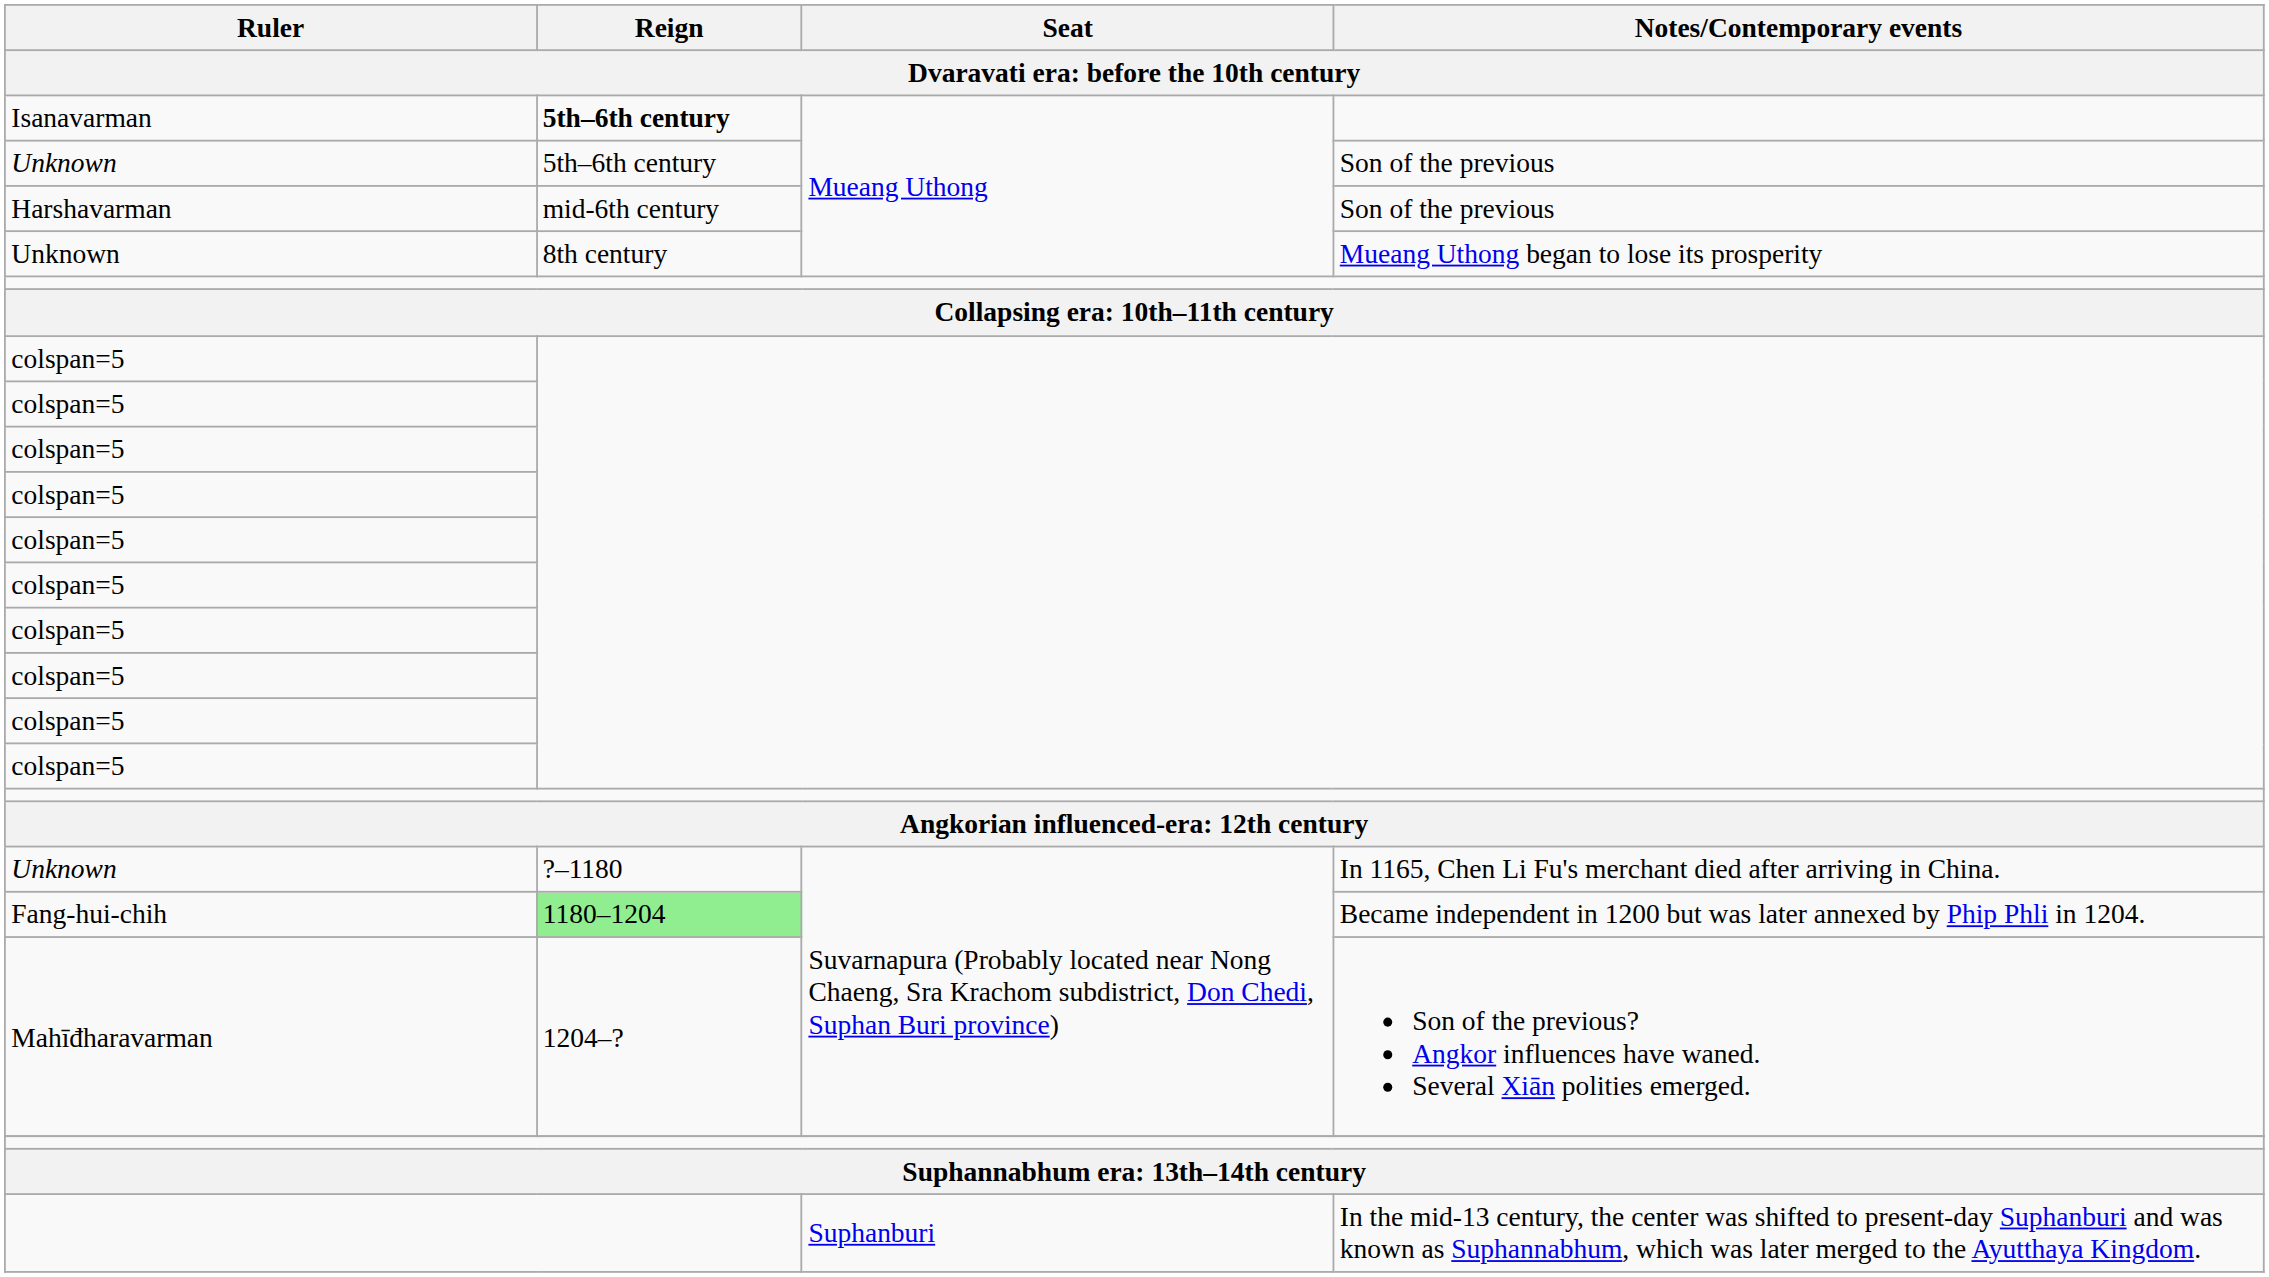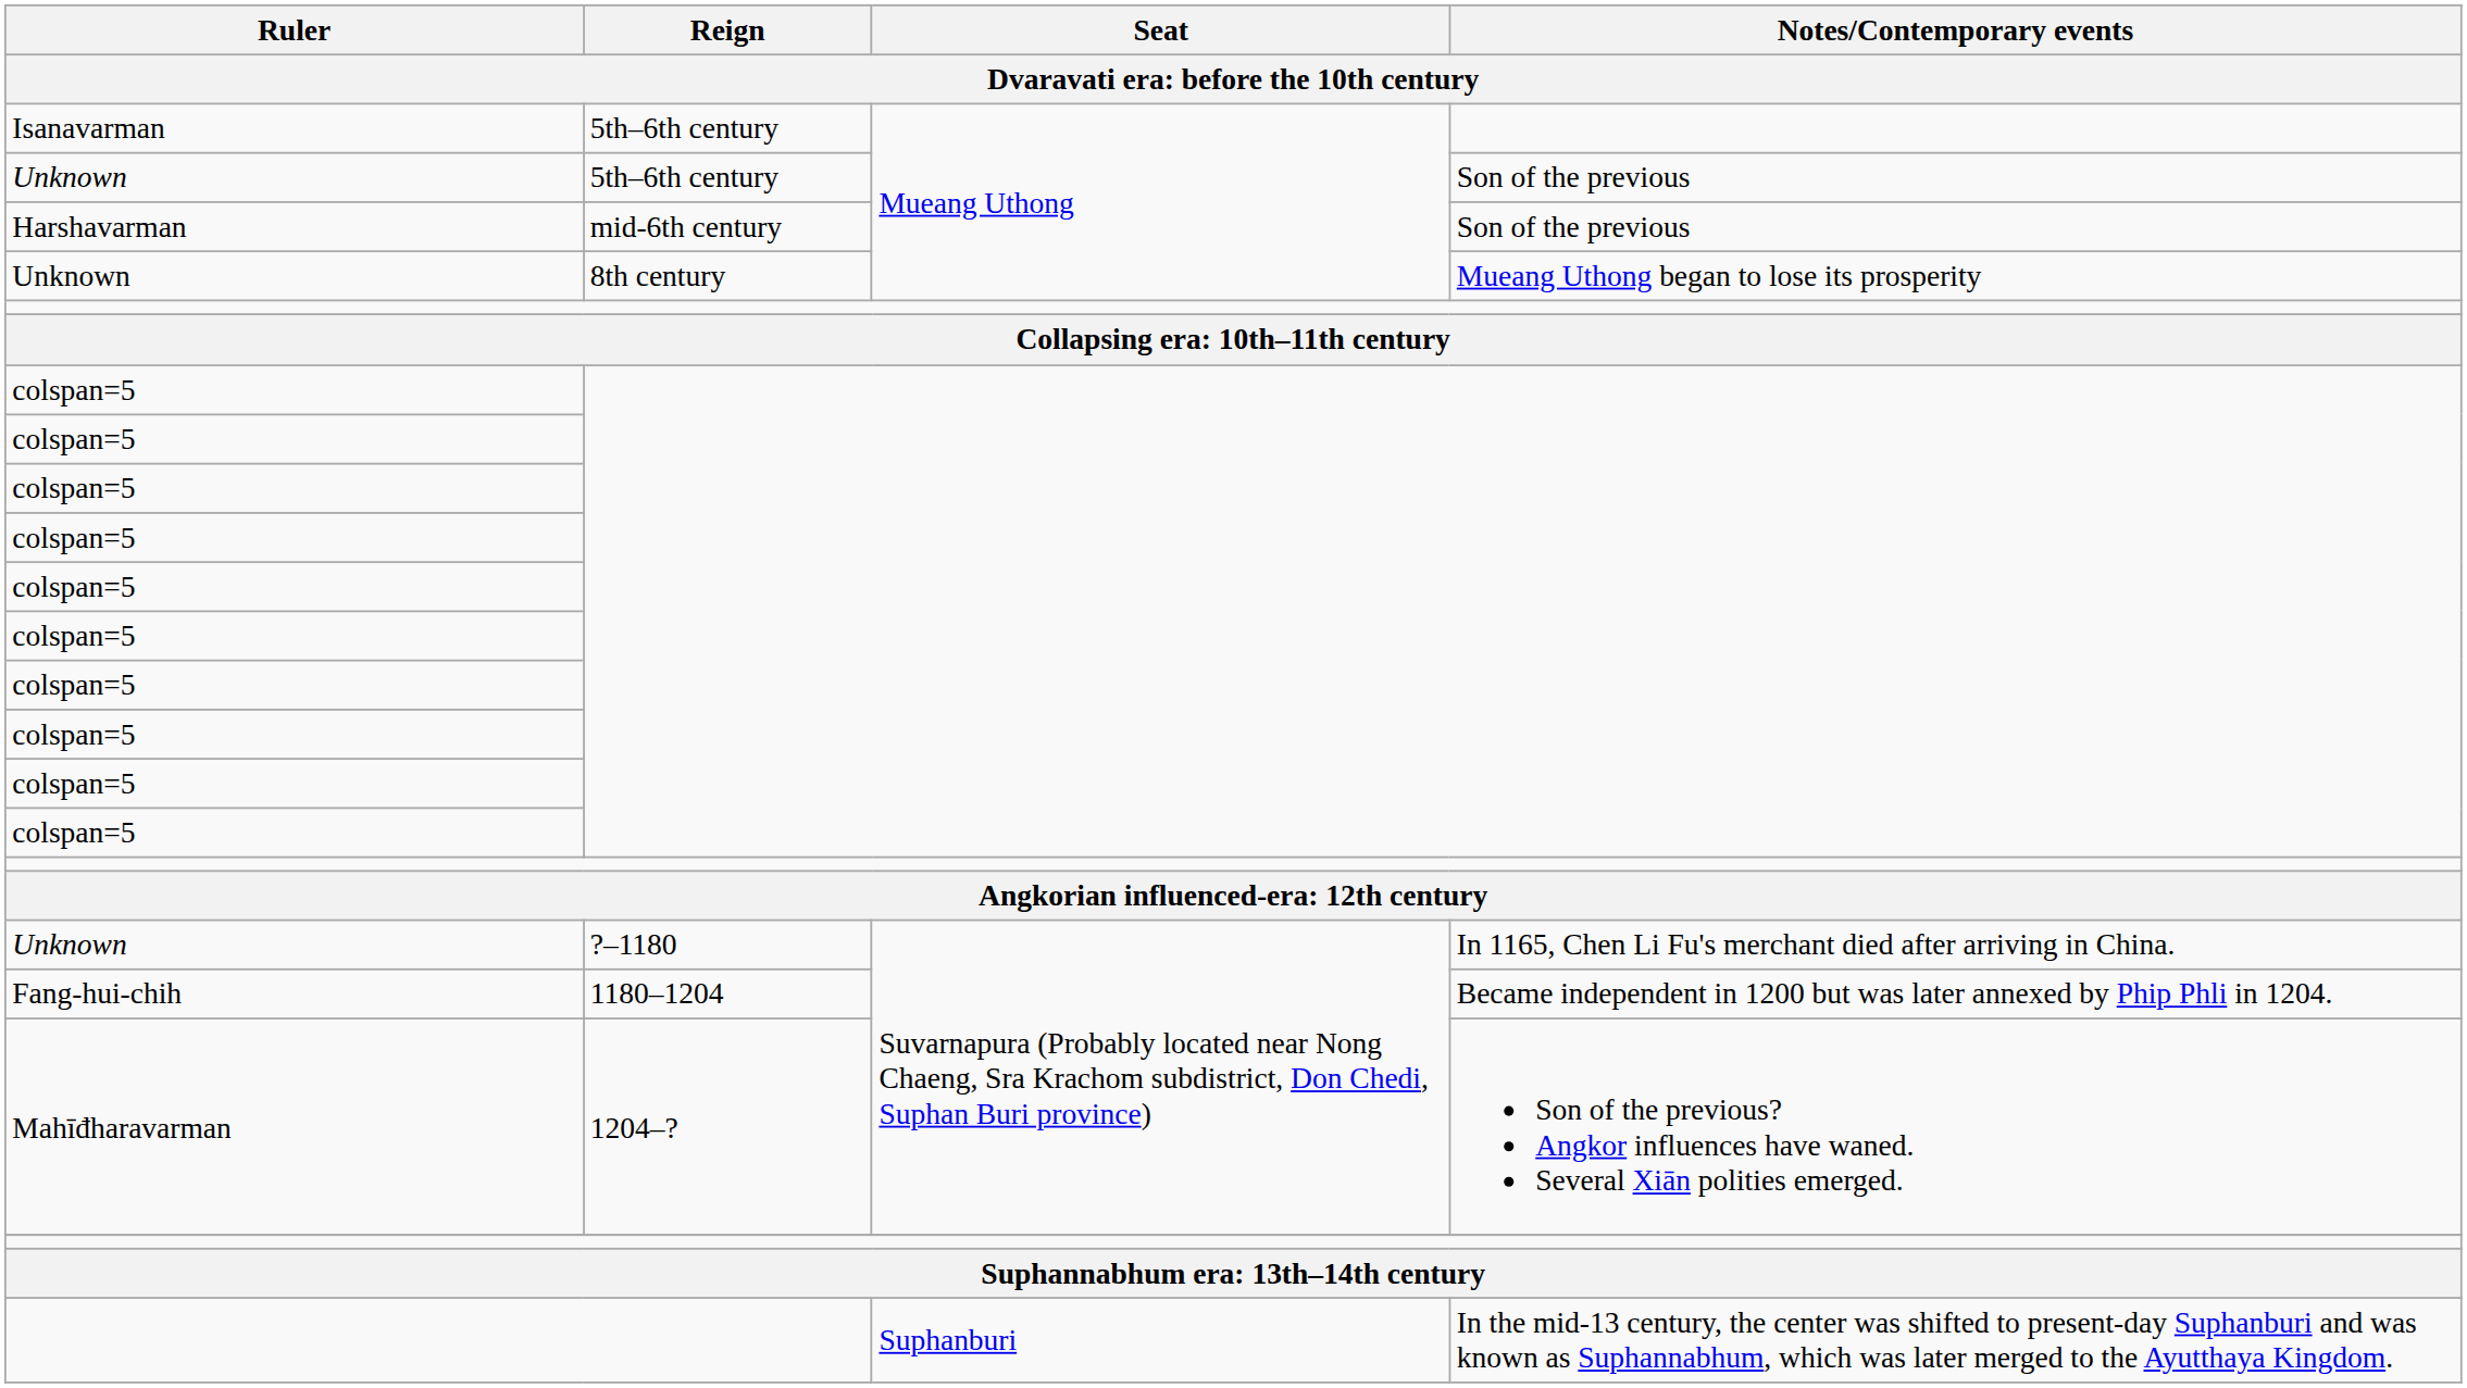 <table class="wikitable" style="font-size:95%;">
 <tr>
 <th width=20%>Ruler</th>
 <th width=10%>Reign</th>
 <th width=20%>Seat</th>
 <th width=35%>Notes/Contemporary events</th>
 </tr>
 <tr>
 <th colspan=5>Dvaravati era: before the 10th century</th>
 </tr>
 <tr>
 <td>Isanavarman</td>
-<td><strong>5th–6th century</strong></td>
+<td>5th–6th century</td>
 <td rowspan=4><a href='#'>Mueang Uthong</a></td>
 <td></td>
 </tr>
 <tr>
 <td><em>Unknown</em></td>
 <td>5th–6th century</td>
 <td>Son of the previous</td>
 </tr>
 <tr>
 <td>Harshavarman</td>
 <td>mid-6th century</td>
 <td>Son of the previous</td>
 </tr>
 <tr>
 <td>Unknown</td>
 <td>8th century</td>
 <td><a href='#'>Mueang Uthong</a> began to lose its prosperity</td>
 </tr>
 <tr>
 <td colspan=5></td>
 </tr>
 <tr>
 <th colspan=5>Collapsing era: 10th–11th century</th>
 </tr>
 <tr>
 <td>colspan=5 </td>
 </tr>
 <tr>
 <td>colspan=5 </td>
 </tr>
 <tr>
 <td>colspan=5 </td>
 </tr>
 <tr>
 <td>colspan=5 </td>
 </tr>
 <tr>
 <td>colspan=5 </td>
 </tr>
 <tr>
 <td>colspan=5 </td>
 </tr>
 <tr>
 <td>colspan=5 </td>
 </tr>
 <tr>
 <td>colspan=5 </td>
 </tr>
 <tr>
 <td>colspan=5 </td>
 </tr>
 <tr>
 <td>colspan=5 </td>
 </tr>
 <tr>
 <td colspan=5></td>
 </tr>
 <tr>
 <th colspan=5>Angkorian influenced-era: 12th century</th>
 </tr>
 <tr>
 <td><em>Unknown</em></td>
 <td>?–1180</td>
 <td rowspan=3>Suvarnapura (Probably located near Nong Chaeng, Sra Krachom subdistrict, <a href='#'>Don Chedi</a>, <a href='#'>Suphan Buri province</a>)</td>
 <td>In 1165, Chen Li Fu's merchant died after arriving in China.</td>
 </tr>
 <tr>
 <td>Fang-hui-chih</td>
-<td style="background: lightgreen;">1180–1204</td>
+<td>1180–1204</td>
 <td>Became independent in 1200 but was later annexed by <a href='#'>Phip Phli</a> in 1204.</td>
 </tr>
 <tr>
 <td>Mahīđharavarman</td>
 <td>1204–?</td>
 <td><br><ul><li>Son of the previous?</li><li><a href='#'>Angkor</a> influences have waned.</li><li>Several <a href='#'>Xiān</a> polities emerged.</li></ul></td>
 </tr>
 <tr>
 </tr>
 <tr>
 <td colspan=5></td>
 </tr>
 <tr>
 <th colspan=5>Suphannabhum era: 13th–14th century</th>
 </tr>
 <tr>
 <td colspan=2></td>
 <td><a href='#'>Suphanburi</a></td>
 <td>In the mid-13 century, the center was shifted to present-day <a href='#'>Suphanburi</a> and was known as <a href='#'>Suphannabhum</a>, which was later merged to the <a href='#'>Ayutthaya Kingdom</a>.</td>
 </tr>
 </table>
